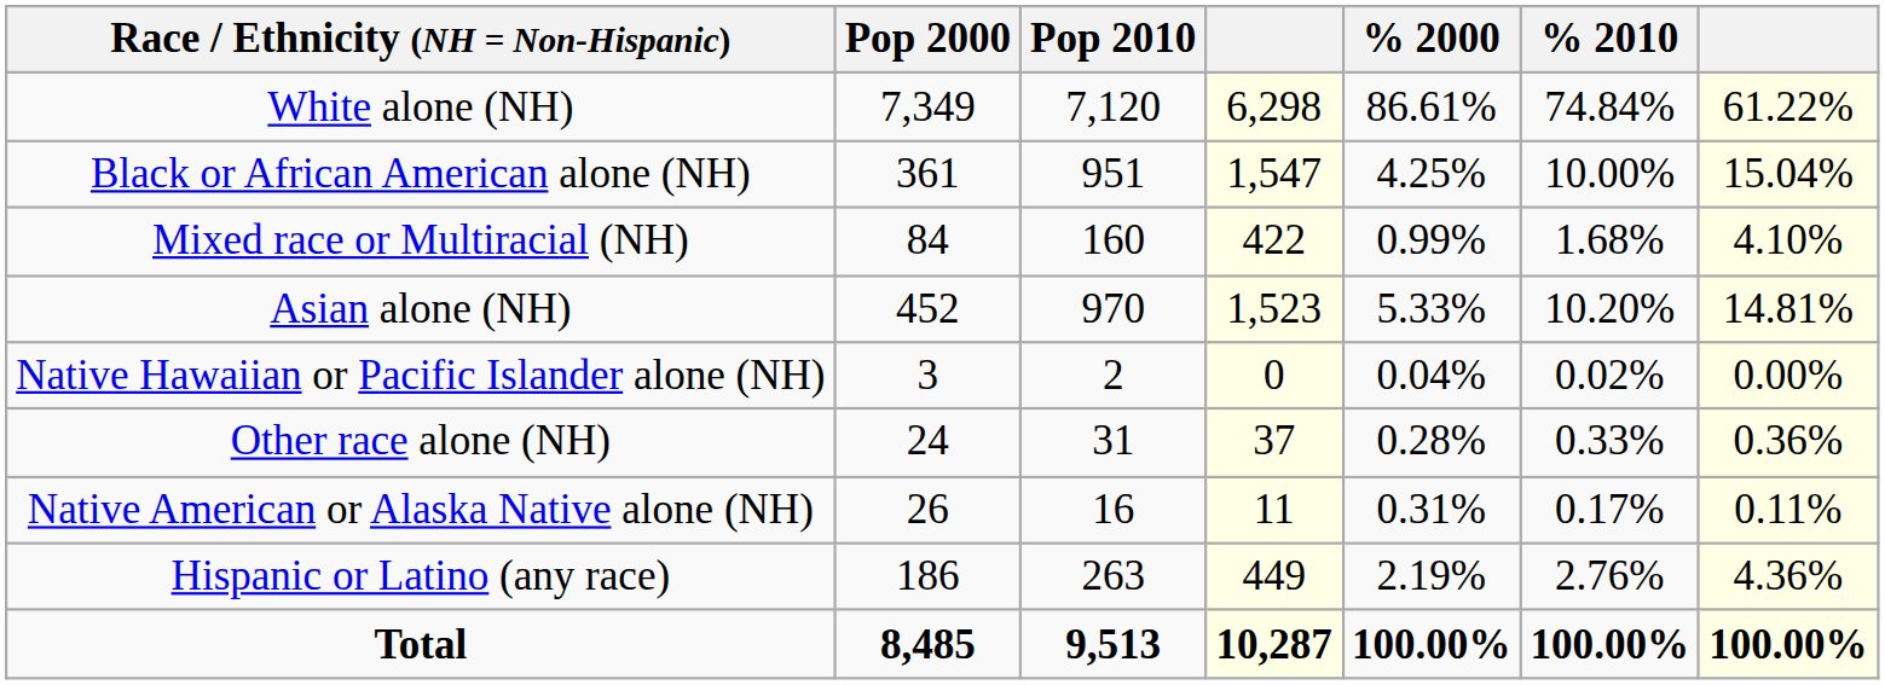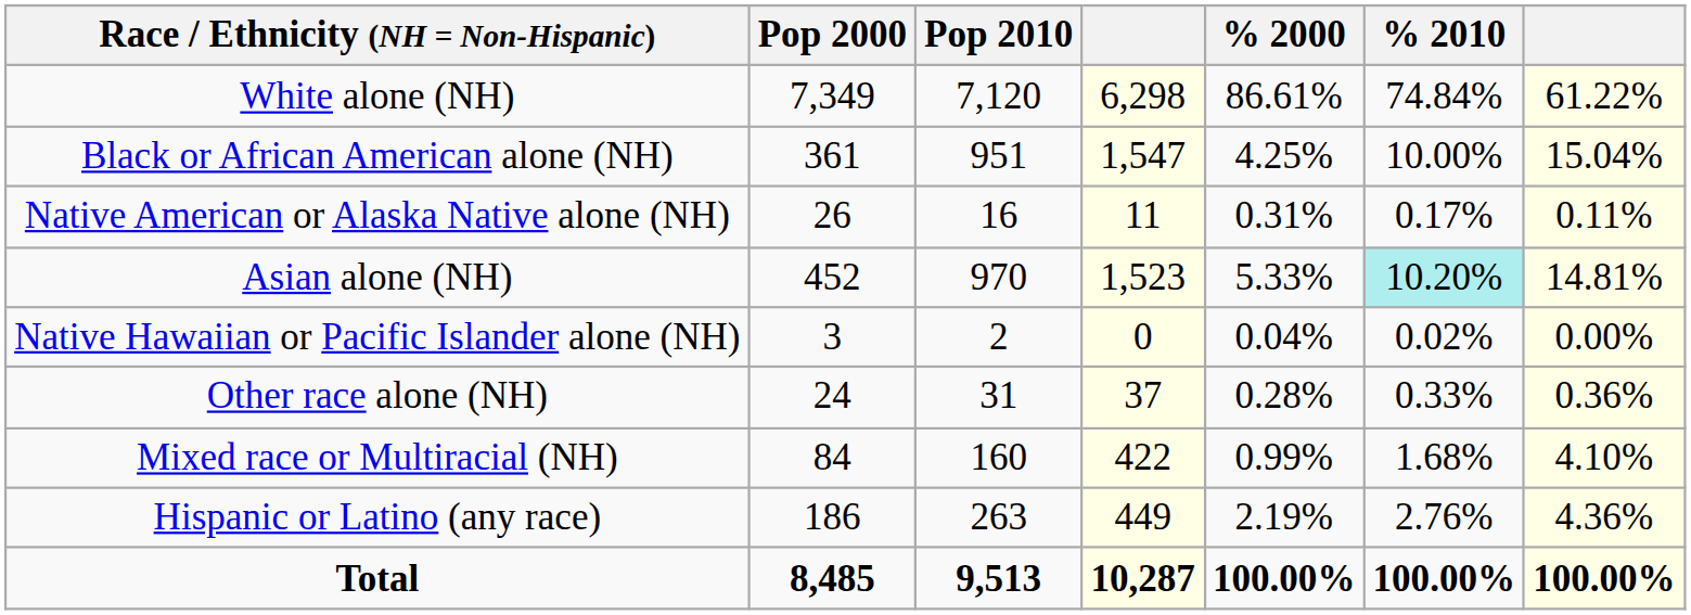 <table class="wikitable" style="text-align:center;">
 <tr>
 <th>Race / Ethnicity <small>(<em>NH = Non-Hispanic</em>)</small></th>
 <th>Pop 2000</th>
 <th>Pop 2010</th>
 <th></th>
 <th>% 2000</th>
 <th>% 2010</th>
 <th></th>
 </tr>
 <tr>
 <td><a href='#'>White</a> alone (NH)</td>
 <td>7,349</td>
 <td>7,120</td>
 <td style='background: #ffffe6;'>6,298</td>
 <td>86.61%</td>
 <td>74.84%</td>
 <td style='background: #ffffe6;'>61.22%</td>
 </tr>
 <tr>
 <td><a href='#'>Black or African American</a> alone (NH)</td>
 <td>361</td>
 <td>951</td>
 <td style='background: #ffffe6;'>1,547</td>
 <td>4.25%</td>
 <td>10.00%</td>
 <td style='background: #ffffe6;'>15.04%</td>
 </tr>
 <tr>
-<td><a href='#'>Mixed race or Multiracial</a> (NH)</td>
-<td>84</td>
-<td>160</td>
-<td style='background: #ffffe6;'>422</td>
-<td>0.99%</td>
-<td>1.68%</td>
-<td style='background: #ffffe6;'>4.10%</td>
+<td><a href='#'>Native American</a> or <a href='#'>Alaska Native</a> alone (NH)</td>
+<td>26</td>
+<td>16</td>
+<td style='background: #ffffe6;'>11</td>
+<td>0.31%</td>
+<td>0.17%</td>
+<td style='background: #ffffe6;'>0.11%</td>
 </tr>
 <tr>
 <td><a href='#'>Asian</a> alone (NH)</td>
 <td>452</td>
 <td>970</td>
 <td style='background: #ffffe6;'>1,523</td>
 <td>5.33%</td>
-<td>10.20%</td>
+<td style="background: paleturquoise;">10.20%</td>
 <td style='background: #ffffe6;'>14.81%</td>
 </tr>
 <tr>
 <td><a href='#'>Native Hawaiian</a> or <a href='#'>Pacific Islander</a> alone (NH)</td>
 <td>3</td>
 <td>2</td>
 <td style='background: #ffffe6;'>0</td>
 <td>0.04%</td>
 <td>0.02%</td>
 <td style='background: #ffffe6;'>0.00%</td>
 </tr>
 <tr>
 <td><a href='#'>Other race</a> alone (NH)</td>
 <td>24</td>
 <td>31</td>
 <td style='background: #ffffe6;'>37</td>
 <td>0.28%</td>
 <td>0.33%</td>
 <td style='background: #ffffe6;'>0.36%</td>
 </tr>
 <tr>
-<td><a href='#'>Native American</a> or <a href='#'>Alaska Native</a> alone (NH)</td>
-<td>26</td>
-<td>16</td>
-<td style='background: #ffffe6;'>11</td>
-<td>0.31%</td>
-<td>0.17%</td>
-<td style='background: #ffffe6;'>0.11%</td>
+<td><a href='#'>Mixed race or Multiracial</a> (NH)</td>
+<td>84</td>
+<td>160</td>
+<td style='background: #ffffe6;'>422</td>
+<td>0.99%</td>
+<td>1.68%</td>
+<td style='background: #ffffe6;'>4.10%</td>
 </tr>
 <tr>
 <td><a href='#'>Hispanic or Latino</a> (any race)</td>
 <td>186</td>
 <td>263</td>
 <td style='background: #ffffe6;'>449</td>
 <td>2.19%</td>
 <td>2.76%</td>
 <td style='background: #ffffe6;'>4.36%</td>
 </tr>
 <tr>
 <td><strong>Total</strong></td>
 <td><strong>8,485</strong></td>
 <td><strong>9,513</strong></td>
 <td style='background: #ffffe6;'><strong>10,287</strong></td>
 <td><strong>100.00%</strong></td>
 <td><strong>100.00%</strong></td>
 <td style='background: #ffffe6;'><strong>100.00%</strong></td>
 </tr>
 </table>
